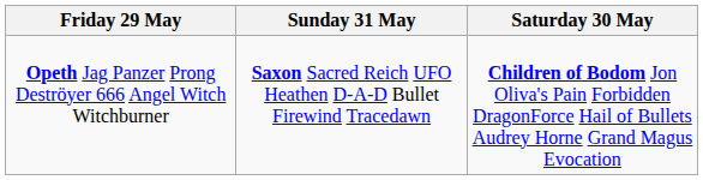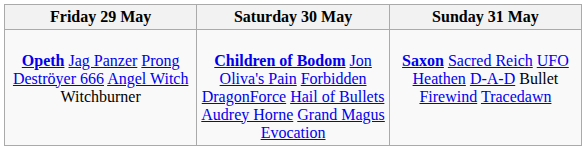 <table class="wikitable">
 <tr>
 <th>Friday 29 May</th>
+<th>Saturday 30 May</th>
 <th>Sunday 31 May</th>
-<th>Saturday 30 May</th>
 </tr>
 <tr>
 <td valign="top" align="center" width=185><br><strong><a href='#'>Opeth</a></strong> <a href='#'>Jag Panzer</a> <a href='#'>Prong</a> <a href='#'>Deströyer 666</a> <a href='#'>Angel Witch</a> Witchburner</td>
+<td valign="top" align="center" width=185><br><strong><a href='#'>Children of Bodom</a></strong> <a href='#'>Jon Oliva's Pain</a> <a href='#'>Forbidden</a> <a href='#'>DragonForce</a> <a href='#'>Hail of Bullets</a> <a href='#'>Audrey Horne</a> <a href='#'>Grand Magus</a> <a href='#'>Evocation</a></td>
 <td valign="top" align="center" width=185><br><strong><a href='#'>Saxon</a></strong> <a href='#'>Sacred Reich</a> <a href='#'>UFO</a> <a href='#'>Heathen</a> <a href='#'>D-A-D</a> Bullet <a href='#'>Firewind</a> <a href='#'>Tracedawn</a></td>
-<td valign="top" align="center" width=185><br><strong><a href='#'>Children of Bodom</a></strong> <a href='#'>Jon Oliva's Pain</a> <a href='#'>Forbidden</a> <a href='#'>DragonForce</a> <a href='#'>Hail of Bullets</a> <a href='#'>Audrey Horne</a> <a href='#'>Grand Magus</a> <a href='#'>Evocation</a></td>
 </tr>
 </table>
